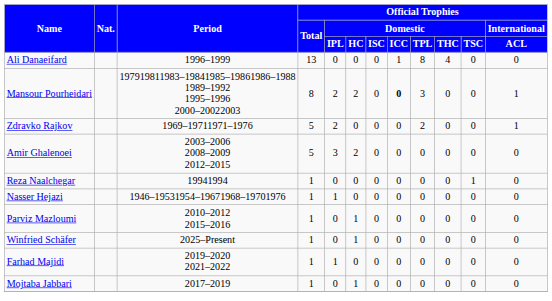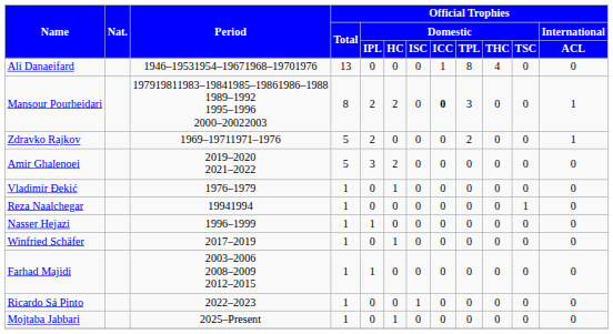 <table class="wikitable" style="text-align:center;">
 <tr>
 <th rowspan="3" ! style="background:#0000FF; color:#FFFFFF; ">Name</th>
 <th rowspan="3" ! style="background:#0000FF; color:#FFFFFF; ">Nat.</th>
 <th rowspan="3" ! style="background:#0000FF; color:#FFFFFF; ">Period</th>
 <th colspan="9" ! style="background:#0000FF; color:#FFFFFF; ">Official Trophies</th>
 </tr>
 <tr>
 <th rowspan="2" ! style="background:#0000FF; color:#FFFFFF; ">Total</th>
 <th colspan="7" ! style="background:#0000FF; color:#FFFFFF; ">Domestic</th>
 <th style="background:#0000FF; color:#FFFFFF; ">International</th>
 </tr>
 <tr>
 <th style="background:#0000FF; color:#FFFFFF; ">IPL</th>
 <th style="background:#0000FF; color:#FFFFFF; ">HC</th>
 <th style="background:#0000FF; color:#FFFFFF; ">ISC</th>
 <th style="background:#0000FF; color:#FFFFFF; ">ICC</th>
 <th style="background:#0000FF; color:#FFFFFF; ">TPL</th>
 <th style="background:#0000FF; color:#FFFFFF; ">THC</th>
 <th style="background:#0000FF; color:#FFFFFF; ">TSC</th>
 <th style="background:#0000FF; color:#FFFFFF; ">ACL</th>
 </tr>
 <tr>
 <td style="text-align:left;"><a href='#'>Ali Danaeifard</a></td>
 <td></td>
-<td>1996–1999</td>
+<td>1946–19531954–19671968–19701976</td>
 <td>13</td>
 <td>0</td>
 <td>0</td>
 <td>0</td>
 <td>1</td>
 <td>8</td>
 <td>4</td>
 <td>0</td>
 <td>0</td>
 </tr>
 <tr>
 <td style="text-align:left;"><a href='#'>Mansour Pourheidari</a></td>
 <td></td>
 <td>197919811983–19841985–19861986–1988<br>1989–1992<br>1995–1996<br>2000–20022003</td>
 <td>8</td>
 <td>2</td>
 <td>2</td>
 <td>0</td>
 <td><strong>0</strong></td>
 <td>3</td>
 <td>0</td>
 <td>0</td>
 <td>1</td>
 </tr>
 <tr>
 <td style="text-align:left;"><a href='#'>Zdravko Rajkov</a></td>
 <td></td>
 <td>1969–19711971–1976</td>
 <td>5</td>
 <td>2</td>
 <td>0</td>
 <td>0</td>
 <td>0</td>
 <td>2</td>
 <td>0</td>
 <td>0</td>
 <td>1</td>
 </tr>
 <tr>
 <td style="text-align:left;"><a href='#'>Amir Ghalenoei</a></td>
 <td></td>
-<td>2003–2006<br>2008–2009<br>2012–2015</td>
+<td>2019–2020<br>2021–2022</td>
 <td>5</td>
 <td>3</td>
 <td>2</td>
+<td>0</td>
+<td>0</td>
+<td>0</td>
+<td>0</td>
+<td>0</td>
+<td>0</td>
+</tr>
+<tr>
+<td style="text-align:left;"><a href='#'>Vladimir Đekić</a></td>
+<td></td>
+<td>1976–1979</td>
+<td>1</td>
+<td>0</td>
+<td>1</td>
 <td>0</td>
 <td>0</td>
 <td>0</td>
 <td>0</td>
 <td>0</td>
 <td>0</td>
 </tr>
 <tr>
 <td style="text-align:left;"><a href='#'>Reza Naalchegar</a></td>
 <td></td>
 <td>19941994</td>
 <td>1</td>
 <td>0</td>
 <td>0</td>
 <td>0</td>
 <td>0</td>
 <td>0</td>
 <td>0</td>
 <td>1</td>
 <td>0</td>
 </tr>
 <tr>
 <td style="text-align:left;"><a href='#'>Nasser Hejazi</a></td>
 <td></td>
-<td>1946–19531954–19671968–19701976</td>
+<td>1996–1999</td>
 <td>1</td>
 <td>1</td>
 <td>0</td>
 <td>0</td>
 <td>0</td>
 <td>0</td>
 <td>0</td>
 <td>0</td>
 <td>0</td>
 </tr>
 <tr>
-<td style="text-align:left;"><a href='#'>Parviz Mazloumi</a></td>
+<td style="text-align:left;"><a href='#'>Winfried Schäfer</a></td>
 <td></td>
-<td>2010–2012<br>2015–2016</td>
+<td>2017–2019</td>
 <td>1</td>
 <td>0</td>
 <td>1</td>
 <td>0</td>
 <td>0</td>
 <td>0</td>
 <td>0</td>
 <td>0</td>
 <td>0</td>
 </tr>
 <tr>
-<td style="text-align:left;"><a href='#'>Winfried Schäfer</a></td>
+<td style="text-align:left;"><a href='#'>Farhad Majidi</a></td>
+<td></td>
+<td>2003–2006<br>2008–2009<br>2012–2015</td>
+<td>1</td>
+<td>1</td>
+<td>0</td>
+<td>0</td>
+<td>0</td>
+<td>0</td>
+<td>0</td>
+<td>0</td>
+<td>0</td>
+</tr>
+<tr>
+<td style="text-align:left;"><a href='#'>Ricardo Sá Pinto</a></td>
+<td></td>
+<td>2022–2023</td>
+<td>1</td>
+<td>0</td>
+<td>0</td>
+<td>1</td>
+<td>0</td>
+<td>0</td>
+<td>0</td>
+<td>0</td>
+<td>0</td>
+</tr>
+<tr>
+<td style="text-align:left;"><a href='#'>Mojtaba Jabbari</a></td>
 <td></td>
 <td>2025–Present</td>
 <td>1</td>
 <td>0</td>
 <td>1</td>
 <td>0</td>
 <td>0</td>
 <td>0</td>
 <td>0</td>
 <td>0</td>
 <td>0</td>
 </tr>
 <tr>
-<td style="text-align:left;"><a href='#'>Farhad Majidi</a></td>
-<td></td>
-<td>2019–2020<br>2021–2022</td>
-<td>1</td>
-<td>1</td>
-<td>0</td>
-<td>0</td>
-<td>0</td>
-<td>0</td>
-<td>0</td>
-<td>0</td>
-<td>0</td>
-</tr>
-<tr>
-<td style="text-align:left;"><a href='#'>Mojtaba Jabbari</a></td>
-<td></td>
-<td>2017–2019</td>
-<td>1</td>
-<td>0</td>
-<td>1</td>
-<td>0</td>
-<td>0</td>
-<td>0</td>
-<td>0</td>
-<td>0</td>
-<td>0</td>
-</tr>
-<tr>
 </tr>
 </table>
